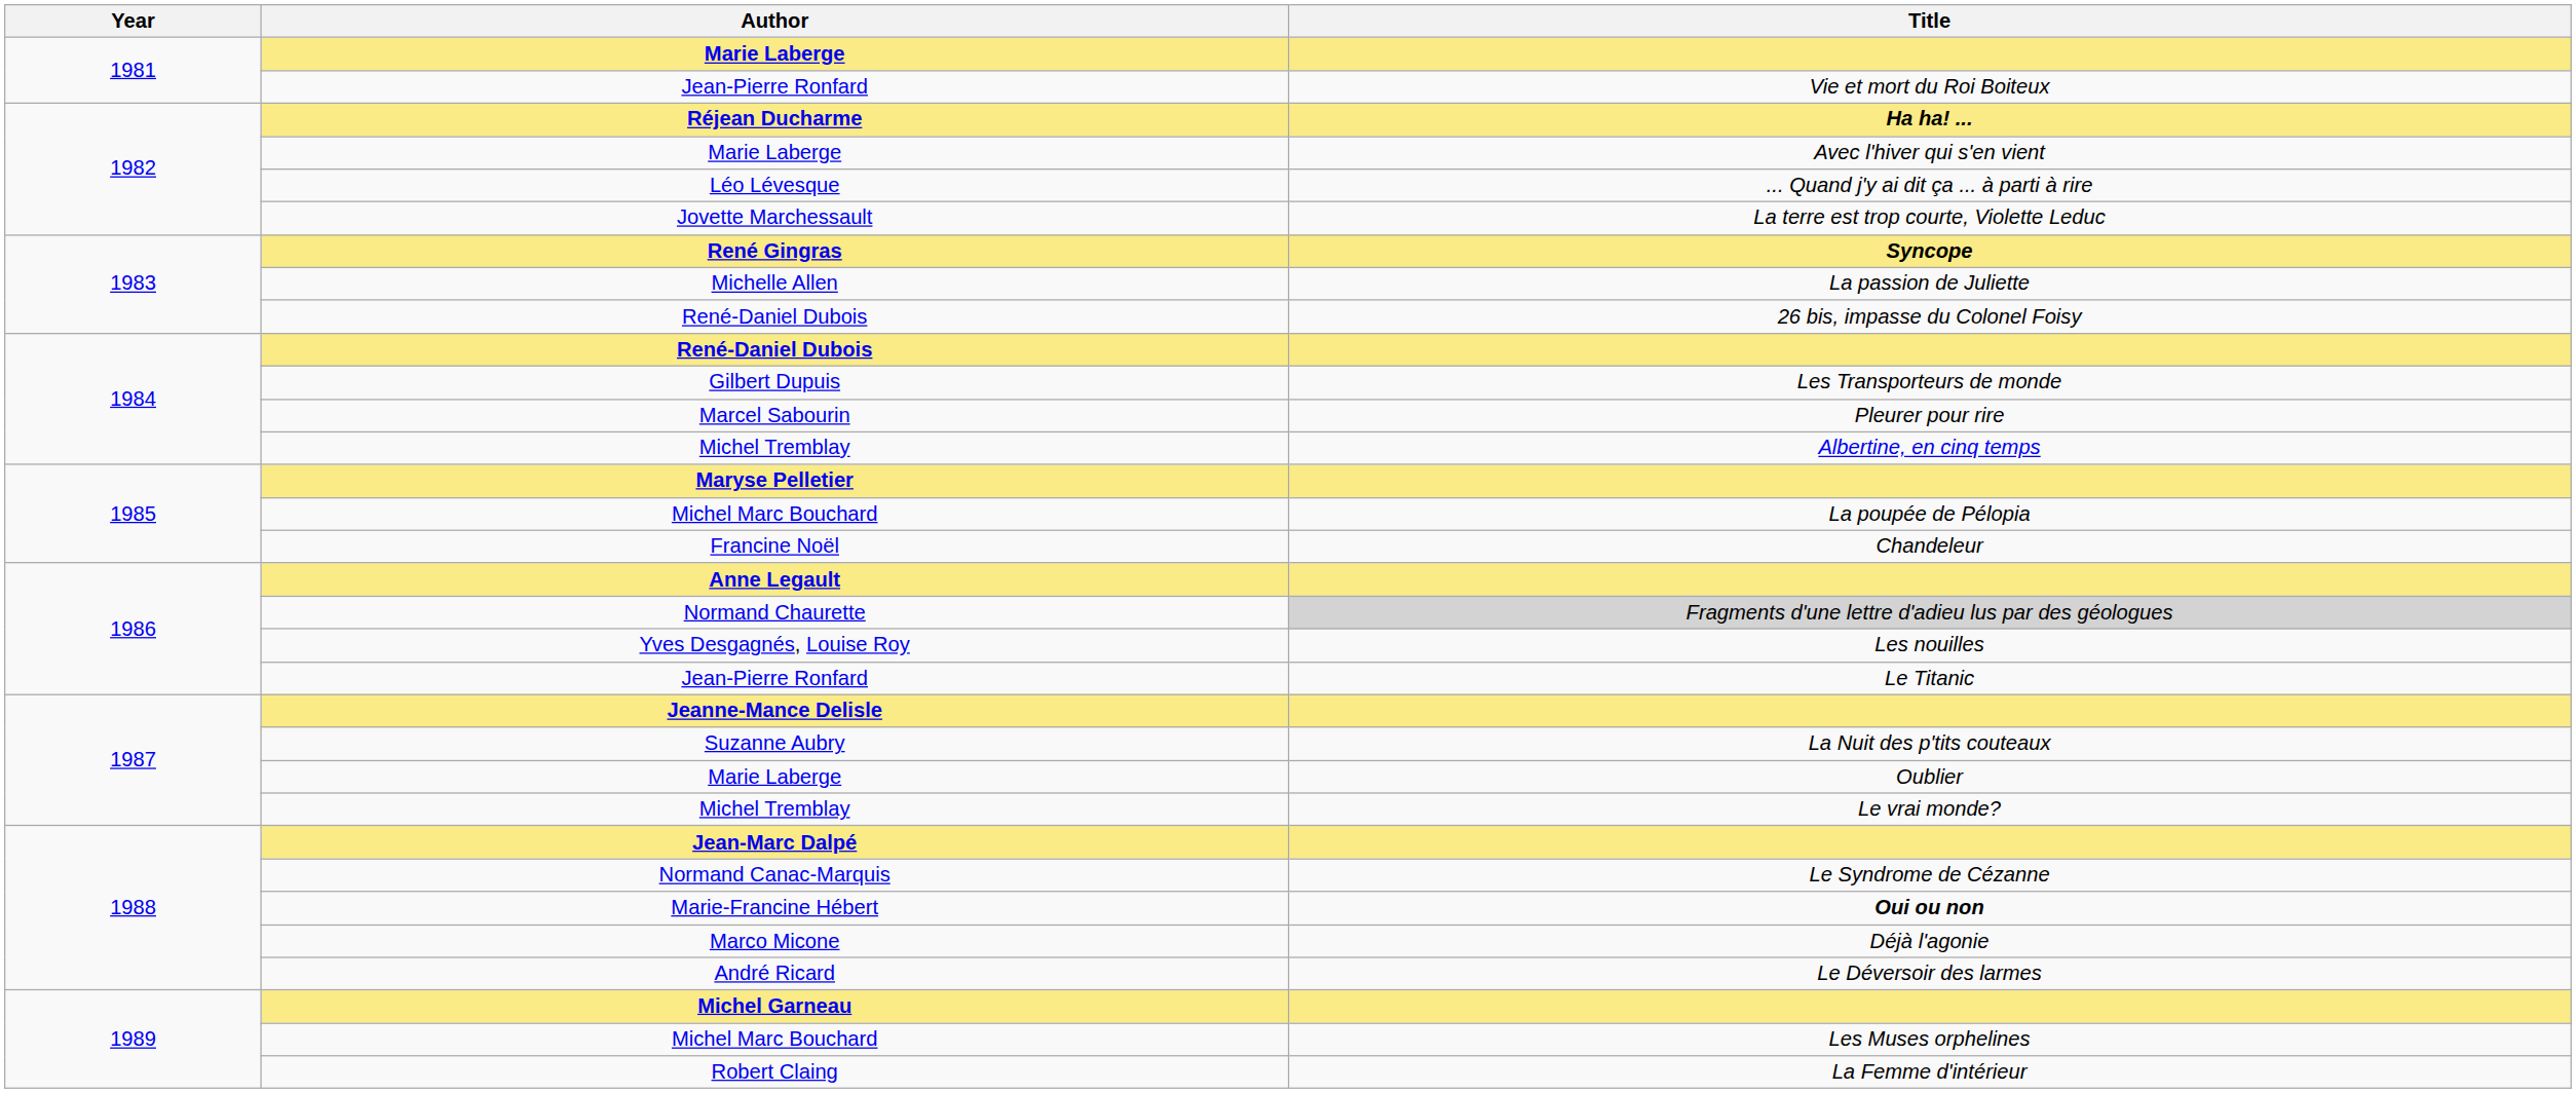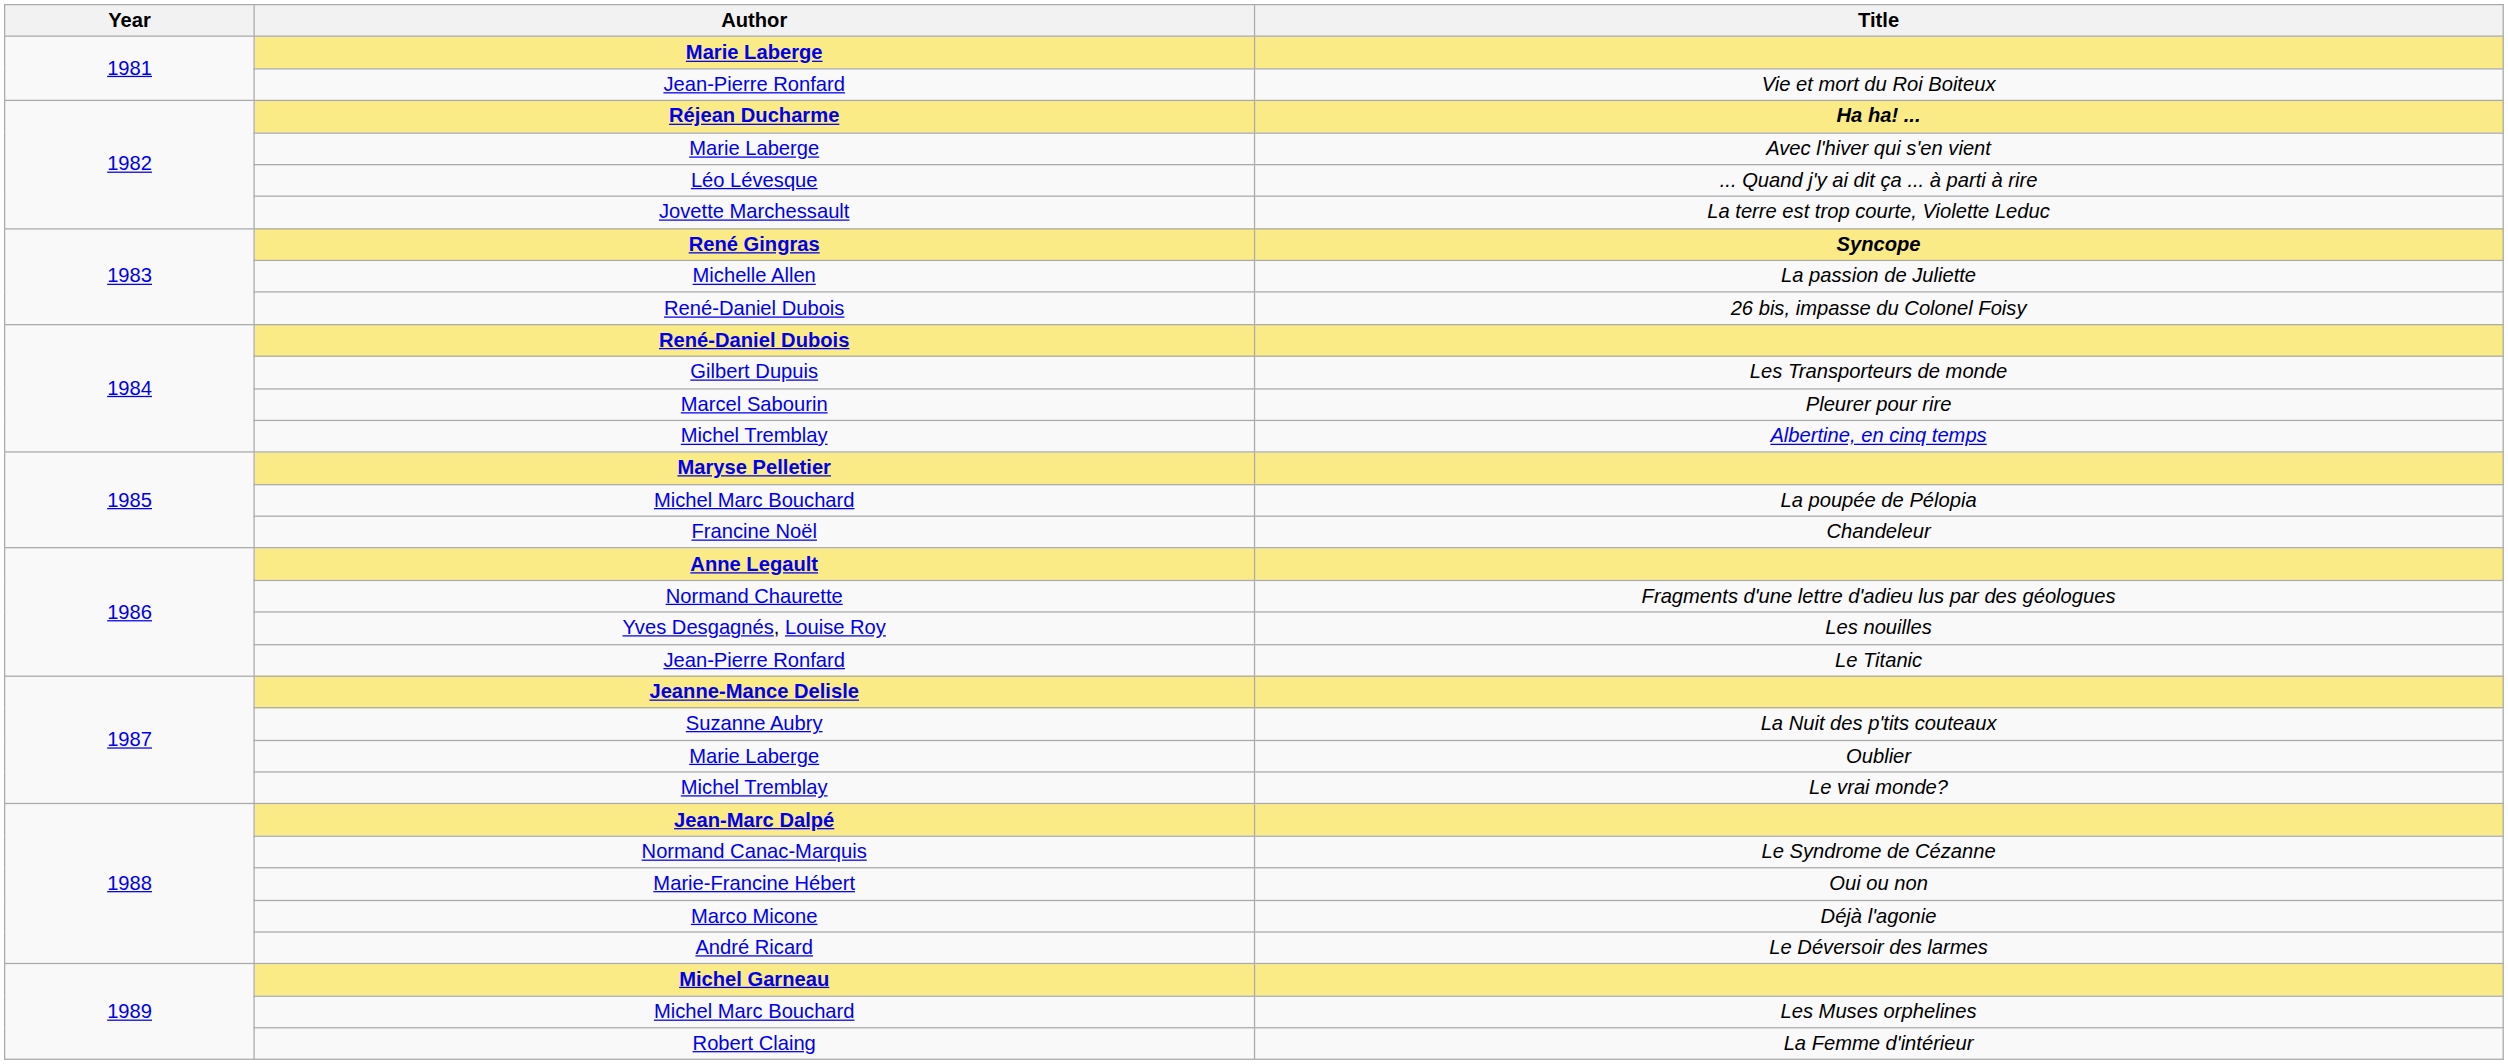 <table class="wikitable" width="100%">
 <tr>
 <th>Year</th>
 <th width="40%">Author</th>
 <th width="50%">Title</th>
 </tr>
 <tr>
 <td align="center" rowspan="2"><a href='#'>1981</a></td>
 <td align="center"  style="background:#FAEB86"><strong><a href='#'>Marie Laberge</a></strong></td>
 <td align="center"  style="background:#FAEB86"><strong><em></em></strong></td>
 </tr>
 <tr>
 <td align="center"><a href='#'>Jean-Pierre Ronfard</a></td>
 <td align="center"><em>Vie et mort du Roi Boiteux</em></td>
 </tr>
 <tr>
 <td align="center" rowspan="4"><a href='#'>1982</a></td>
 <td align="center"  style="background:#FAEB86"><strong><a href='#'>Réjean Ducharme</a></strong></td>
 <td align="center"  style="background:#FAEB86"><strong><em>Ha ha! ...</em></strong></td>
 </tr>
 <tr>
 <td align="center"><a href='#'>Marie Laberge</a></td>
 <td align="center"><em>Avec l'hiver qui s'en vient</em></td>
 </tr>
 <tr>
 <td align="center"><a href='#'>Léo Lévesque</a></td>
 <td align="center"><em>... Quand j'y ai dit ça ... à parti à rire</em></td>
 </tr>
 <tr>
 <td align="center"><a href='#'>Jovette Marchessault</a></td>
 <td align="center"><em>La terre est trop courte, Violette Leduc</em></td>
 </tr>
 <tr>
 <td align="center" rowspan="3"><a href='#'>1983</a></td>
 <td align="center"  style="background:#FAEB86"><strong><a href='#'>René Gingras</a></strong></td>
 <td align="center"  style="background:#FAEB86"><strong><em>Syncope</em></strong></td>
 </tr>
 <tr>
 <td align="center"><a href='#'>Michelle Allen</a></td>
 <td align="center"><em>La passion de Juliette</em></td>
 </tr>
 <tr>
 <td align="center"><a href='#'>René-Daniel Dubois</a></td>
 <td align="center"><em>26 bis, impasse du Colonel Foisy</em></td>
 </tr>
 <tr>
 <td align="center" rowspan="4"><a href='#'>1984</a></td>
 <td align="center"  style="background:#FAEB86"><strong><a href='#'>René-Daniel Dubois</a></strong></td>
 <td align="center"  style="background:#FAEB86"><strong><em></em></strong></td>
 </tr>
 <tr>
 <td align="center"><a href='#'>Gilbert Dupuis</a></td>
 <td align="center"><em>Les Transporteurs de monde</em></td>
 </tr>
 <tr>
 <td align="center"><a href='#'>Marcel Sabourin</a></td>
 <td align="center"><em>Pleurer pour rire</em></td>
 </tr>
 <tr>
 <td align="center"><a href='#'>Michel Tremblay</a></td>
 <td align="center"><em><a href='#'>Albertine, en cinq temps</a></em></td>
 </tr>
 <tr>
 <td align="center" rowspan="3"><a href='#'>1985</a></td>
 <td align="center"  style="background:#FAEB86"><strong><a href='#'>Maryse Pelletier</a></strong></td>
 <td align="center"  style="background:#FAEB86"><strong><em></em></strong></td>
 </tr>
 <tr>
 <td align="center"><a href='#'>Michel Marc Bouchard</a></td>
 <td align="center"><em>La poupée de Pélopia</em></td>
 </tr>
 <tr>
 <td align="center"><a href='#'>Francine Noël</a></td>
 <td align="center"><em>Chandeleur</em></td>
 </tr>
 <tr>
 <td align="center" rowspan="4"><a href='#'>1986</a></td>
 <td align="center"  style="background:#FAEB86"><strong><a href='#'>Anne Legault</a></strong></td>
 <td align="center"  style="background:#FAEB86"><strong><em></em></strong></td>
 </tr>
 <tr>
 <td align="center"><a href='#'>Normand Chaurette</a></td>
-<td align="center" style="background: lightgrey;"><em>Fragments d'une lettre d'adieu lus par des géologues</em></td>
+<td align="center"><em>Fragments d'une lettre d'adieu lus par des géologues</em></td>
 </tr>
 <tr>
 <td align="center"><a href='#'>Yves Desgagnés</a>, <a href='#'>Louise Roy</a></td>
 <td align="center"><em>Les nouilles</em></td>
 </tr>
 <tr>
 <td align="center"><a href='#'>Jean-Pierre Ronfard</a></td>
 <td align="center"><em>Le Titanic</em></td>
 </tr>
 <tr>
 <td align="center" rowspan="4"><a href='#'>1987</a></td>
 <td align="center"  style="background:#FAEB86"><strong><a href='#'>Jeanne-Mance Delisle</a></strong></td>
 <td align="center"  style="background:#FAEB86"><strong><em></em></strong></td>
 </tr>
 <tr>
 <td align="center"><a href='#'>Suzanne Aubry</a></td>
 <td align="center"><em>La Nuit des p'tits couteaux</em></td>
 </tr>
 <tr>
 <td align="center"><a href='#'>Marie Laberge</a></td>
 <td align="center"><em>Oublier</em></td>
 </tr>
 <tr>
 <td align="center"><a href='#'>Michel Tremblay</a></td>
 <td align="center"><em>Le vrai monde?</em></td>
 </tr>
 <tr>
 <td align="center" rowspan="5"><a href='#'>1988</a></td>
 <td align="center"  style="background:#FAEB86"><strong><a href='#'>Jean-Marc Dalpé</a></strong></td>
 <td align="center"  style="background:#FAEB86"><strong><em></em></strong></td>
 </tr>
 <tr>
 <td align="center"><a href='#'>Normand Canac-Marquis</a></td>
 <td align="center"><em>Le Syndrome de Cézanne</em></td>
 </tr>
 <tr>
 <td align="center"><a href='#'>Marie-Francine Hébert</a></td>
-<td align="center"><strong><em>Oui ou non</em></strong></td>
+<td align="center"><em>Oui ou non</em></td>
 </tr>
 <tr>
 <td align="center"><a href='#'>Marco Micone</a></td>
 <td align="center"><em>Déjà l'agonie</em></td>
 </tr>
 <tr>
 <td align="center"><a href='#'>André Ricard</a></td>
 <td align="center"><em>Le Déversoir des larmes</em></td>
 </tr>
 <tr>
 <td align="center" rowspan="3"><a href='#'>1989</a></td>
 <td align="center"  style="background:#FAEB86"><strong><a href='#'>Michel Garneau</a></strong></td>
 <td align="center"  style="background:#FAEB86"><strong><em></em></strong></td>
 </tr>
 <tr>
 <td align="center"><a href='#'>Michel Marc Bouchard</a></td>
 <td align="center"><em>Les Muses orphelines</em></td>
 </tr>
 <tr>
 <td align="center"><a href='#'>Robert Claing</a></td>
 <td align="center"><em>La Femme d'intérieur</em></td>
 </tr>
 </table>
